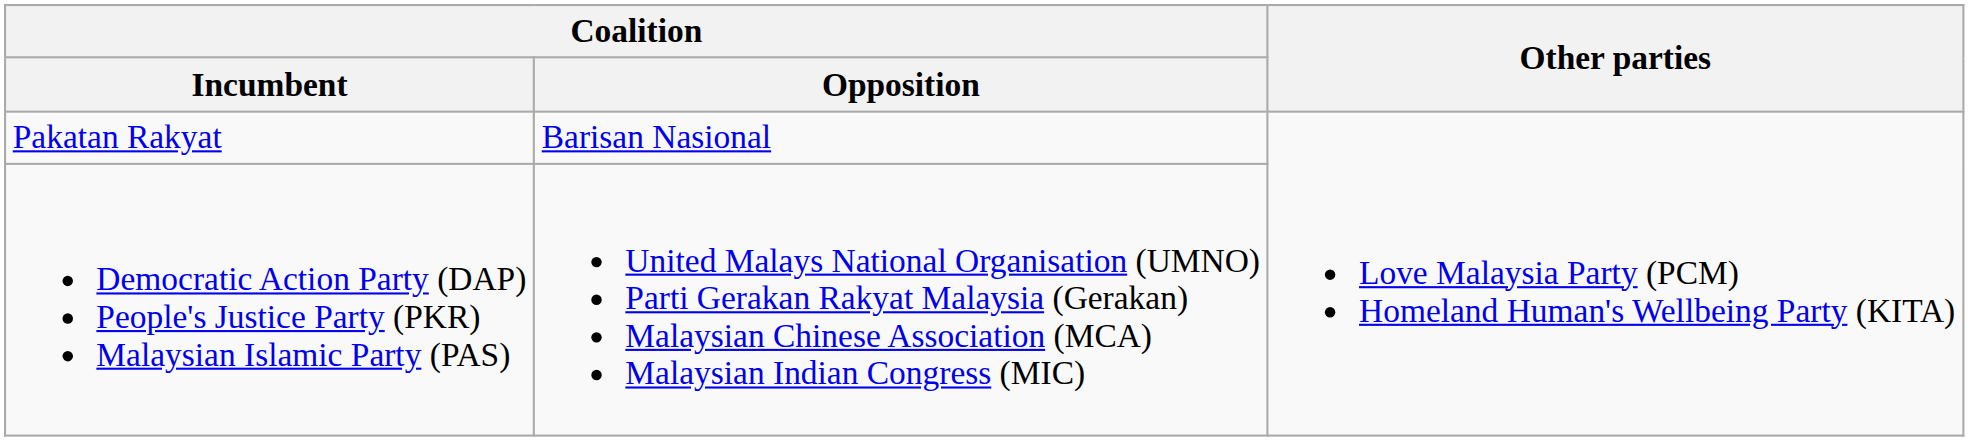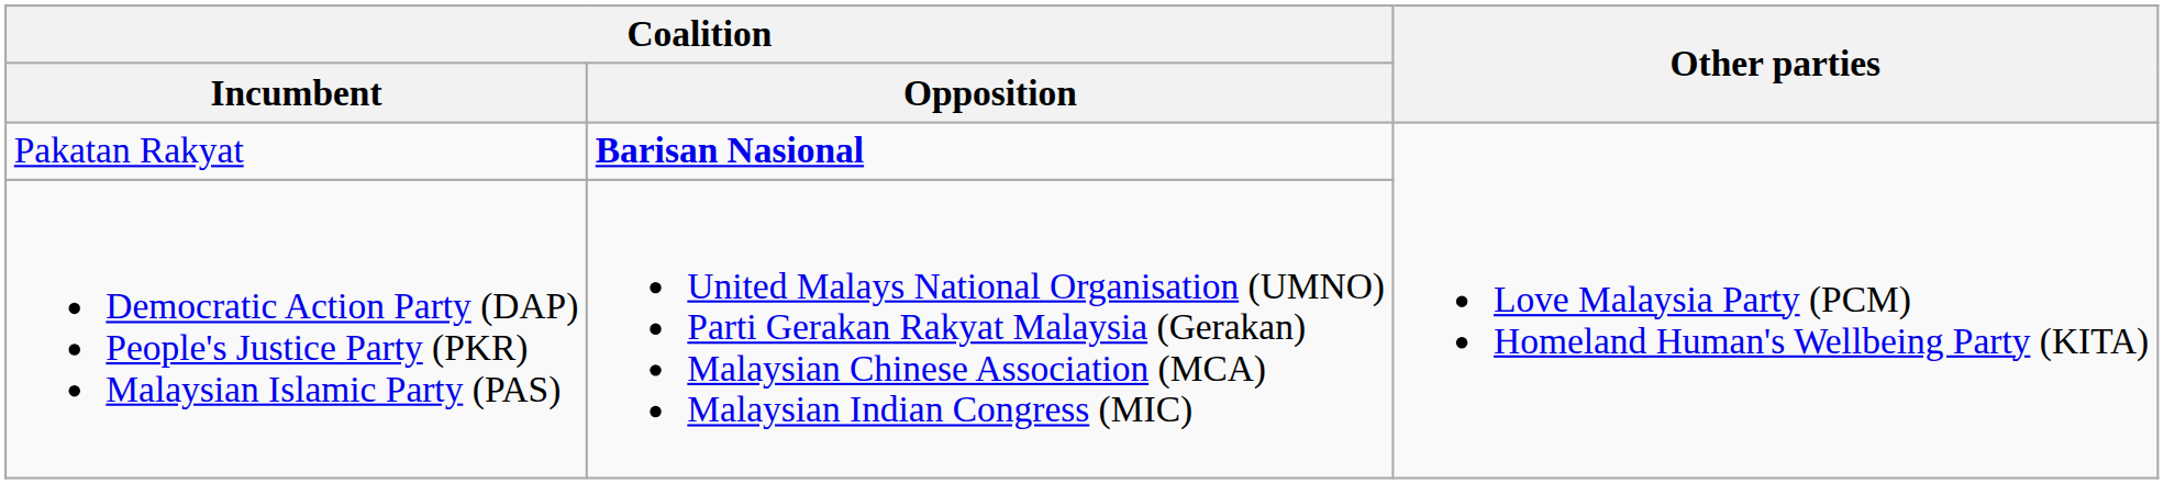 <table class="wikitable">
 <tr>
 <th colspan="2">Coalition</th>
 <th rowspan="2">Other parties</th>
 </tr>
 <tr>
 <th>Incumbent</th>
 <th>Opposition</th>
 </tr>
 <tr>
 <td><a href='#'>Pakatan Rakyat</a></td>
-<td><a href='#'>Barisan Nasional</a></td>
+<td><strong><a href='#'>Barisan Nasional</a></strong></td>
 <td rowspan="2"><br><ul><li><a href='#'>Love Malaysia Party</a> (PCM)</li><li><a href='#'>Homeland Human's Wellbeing Party</a> (KITA)</li></ul></td>
 </tr>
 <tr>
 <td><br><ul><li> <a href='#'>Democratic Action Party</a> (DAP)</li><li> <a href='#'>People's Justice Party</a> (PKR)</li><li> <a href='#'>Malaysian Islamic Party</a> (PAS)</li></ul></td>
 <td><br><ul><li> <a href='#'>United Malays National Organisation</a> (UMNO)</li><li><a href='#'>Parti Gerakan Rakyat Malaysia</a> (Gerakan)</li><li> <a href='#'>Malaysian Chinese Association</a> (MCA)</li><li> <a href='#'>Malaysian Indian Congress</a> (MIC)</li></ul></td>
 </tr>
 </table>
